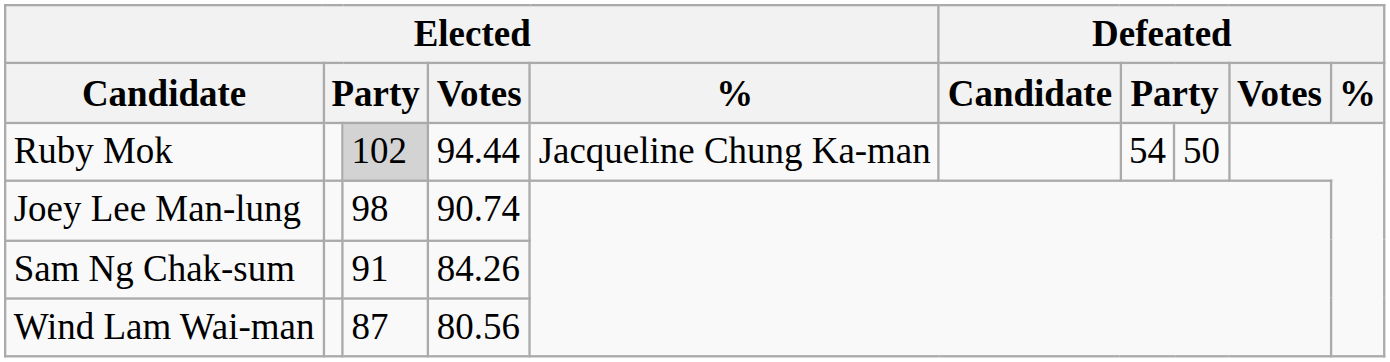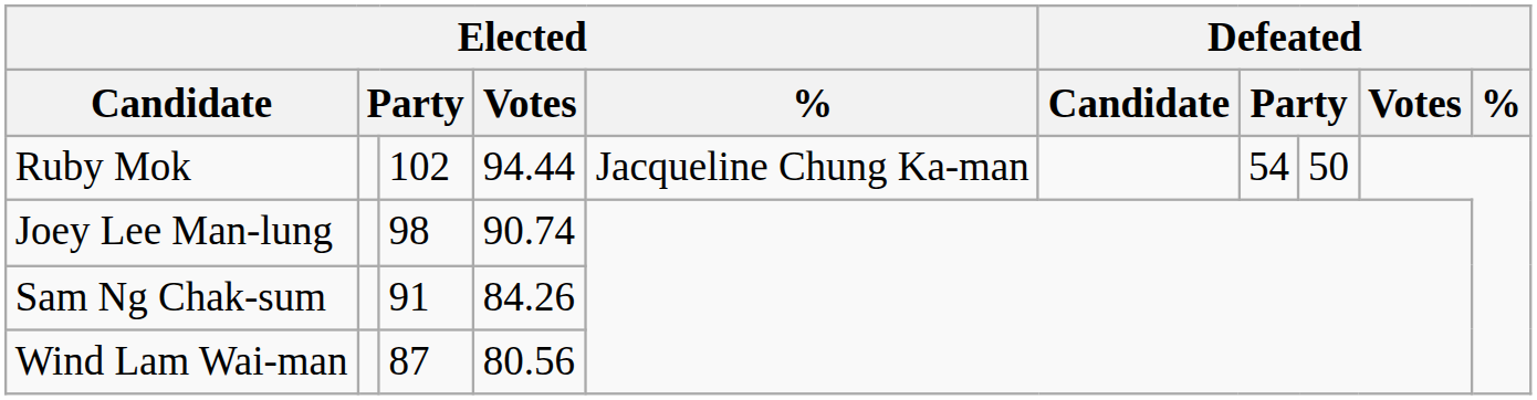 <table class="wikitable">
 <tr>
 <th colspan="5">Elected</th>
 <th colspan="5">Defeated</th>
 </tr>
 <tr>
 <th>Candidate</th>
 <th colspan="2">Party</th>
 <th>Votes</th>
 <th>%</th>
 <th>Candidate</th>
 <th colspan="2">Party</th>
 <th>Votes</th>
 <th>%</th>
 </tr>
 <tr>
 <td>Ruby Mok</td>
 <td></td>
-<td style="background: lightgrey;">102</td>
+<td>102</td>
 <td>94.44</td>
 <td>Jacqueline Chung Ka-man</td>
 <td></td>
 <td>54</td>
 <td>50</td>
 </tr>
 <tr>
 <td>Joey Lee Man-lung</td>
 <td></td>
 <td>98</td>
 <td>90.74</td>
 <td colspan="5" rowspan="3"></td>
 </tr>
 <tr>
 <td>Sam Ng Chak-sum</td>
 <td></td>
 <td>91</td>
 <td>84.26</td>
 </tr>
 <tr>
 <td>Wind Lam Wai-man</td>
 <td></td>
 <td>87</td>
 <td>80.56</td>
 </tr>
 </table>
